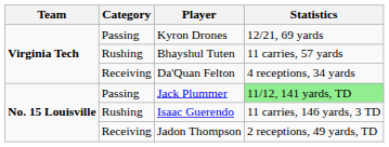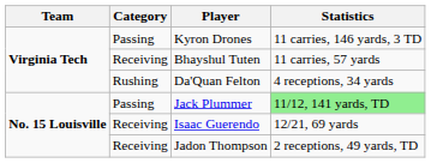 <table class="wikitable" style="float: right;">
 <tr>
 <th>Team</th>
 <th>Category</th>
 <th>Player</th>
 <th>Statistics</th>
 </tr>
 <tr>
 <td rowspan=3><strong>Virginia Tech</strong></td>
 <td>Passing</td>
 <td>Kyron Drones</td>
-<td>12/21, 69 yards</td>
+<td>11 carries, 146 yards, 3 TD</td>
 </tr>
 <tr>
-<td>Rushing</td>
+<td>Receiving</td>
 <td>Bhayshul Tuten</td>
 <td>11 carries, 57 yards</td>
 </tr>
 <tr>
-<td>Receiving</td>
+<td>Rushing</td>
 <td>Da'Quan Felton</td>
 <td>4 receptions, 34 yards</td>
 </tr>
 <tr>
 <td rowspan=3><strong>No. 15 Louisville</strong></td>
 <td>Passing</td>
 <td><a href='#'>Jack Plummer</a></td>
 <td style="background: lightgreen;">11/12, 141 yards, TD</td>
 </tr>
 <tr>
-<td>Rushing</td>
+<td>Receiving</td>
 <td><a href='#'>Isaac Guerendo</a></td>
-<td>11 carries, 146 yards, 3 TD</td>
+<td>12/21, 69 yards</td>
 </tr>
 <tr>
 <td>Receiving</td>
 <td>Jadon Thompson</td>
 <td>2 receptions, 49 yards, TD</td>
 </tr>
 </table>
